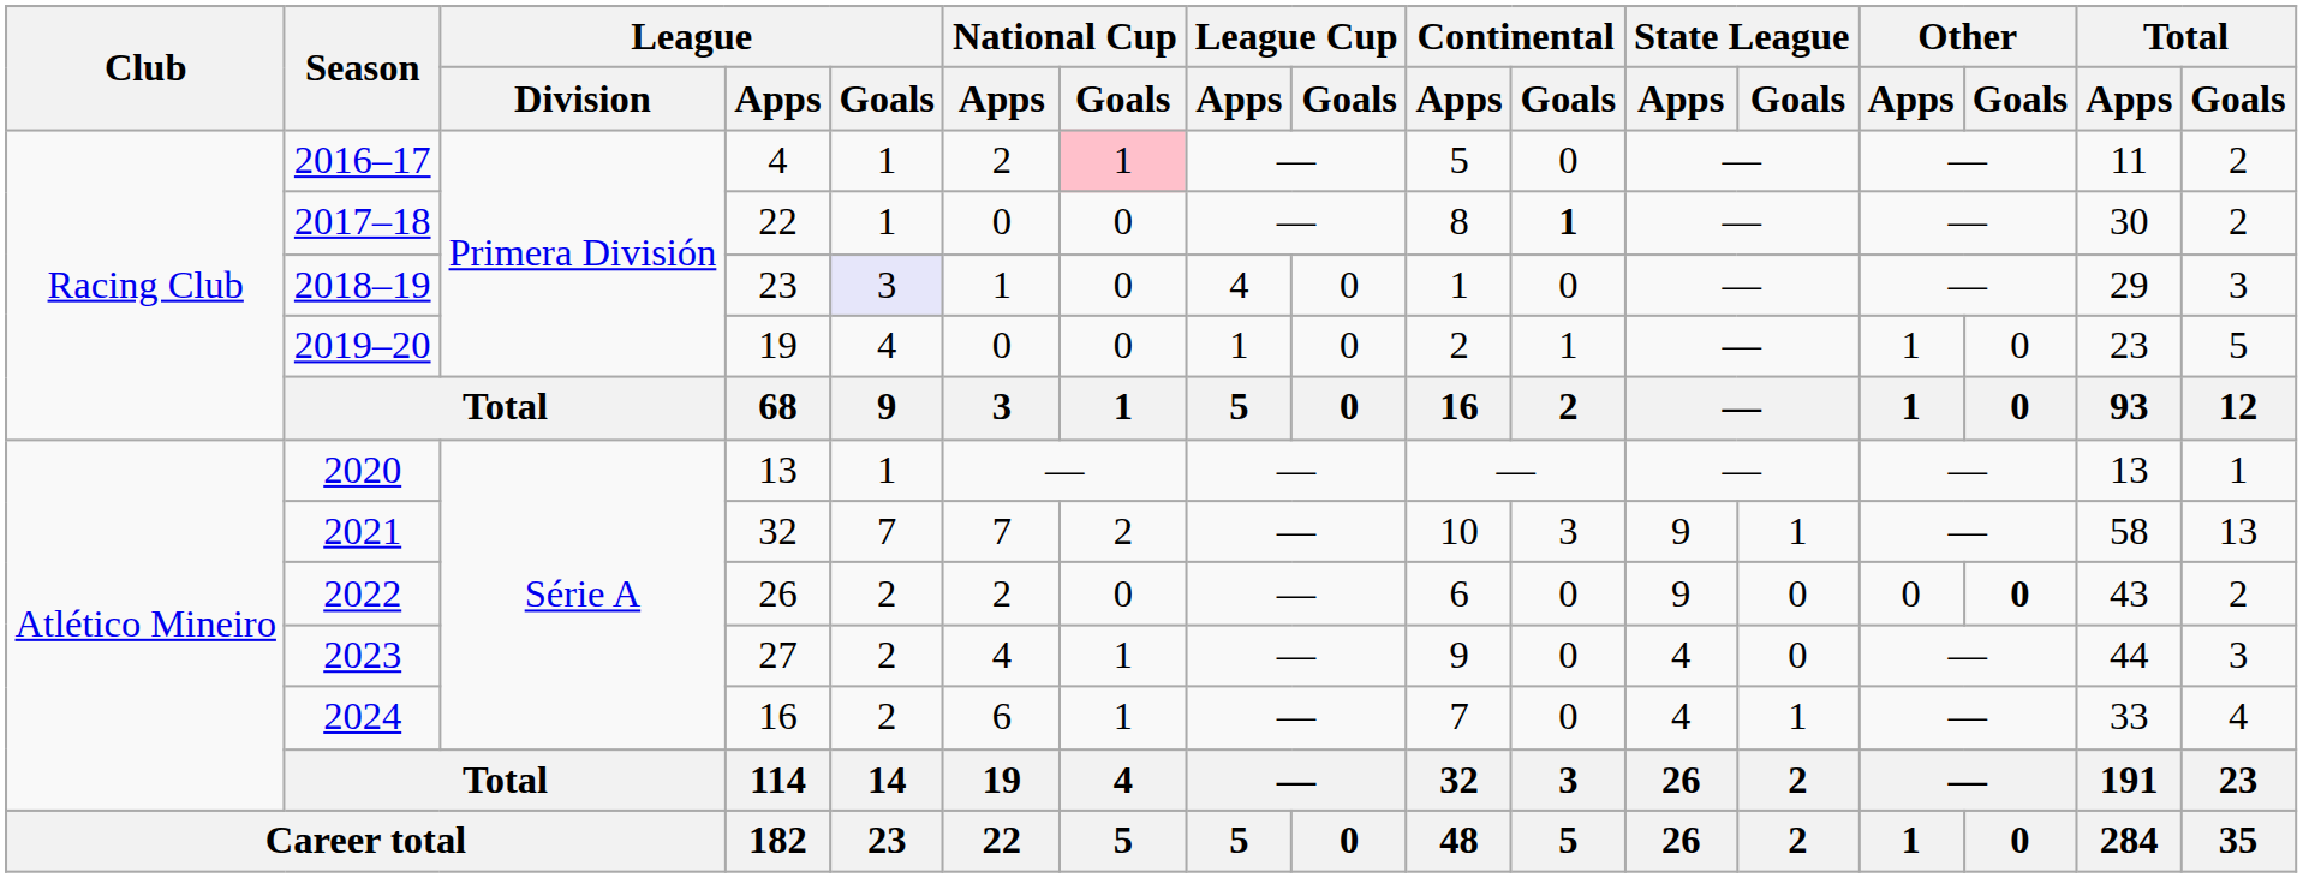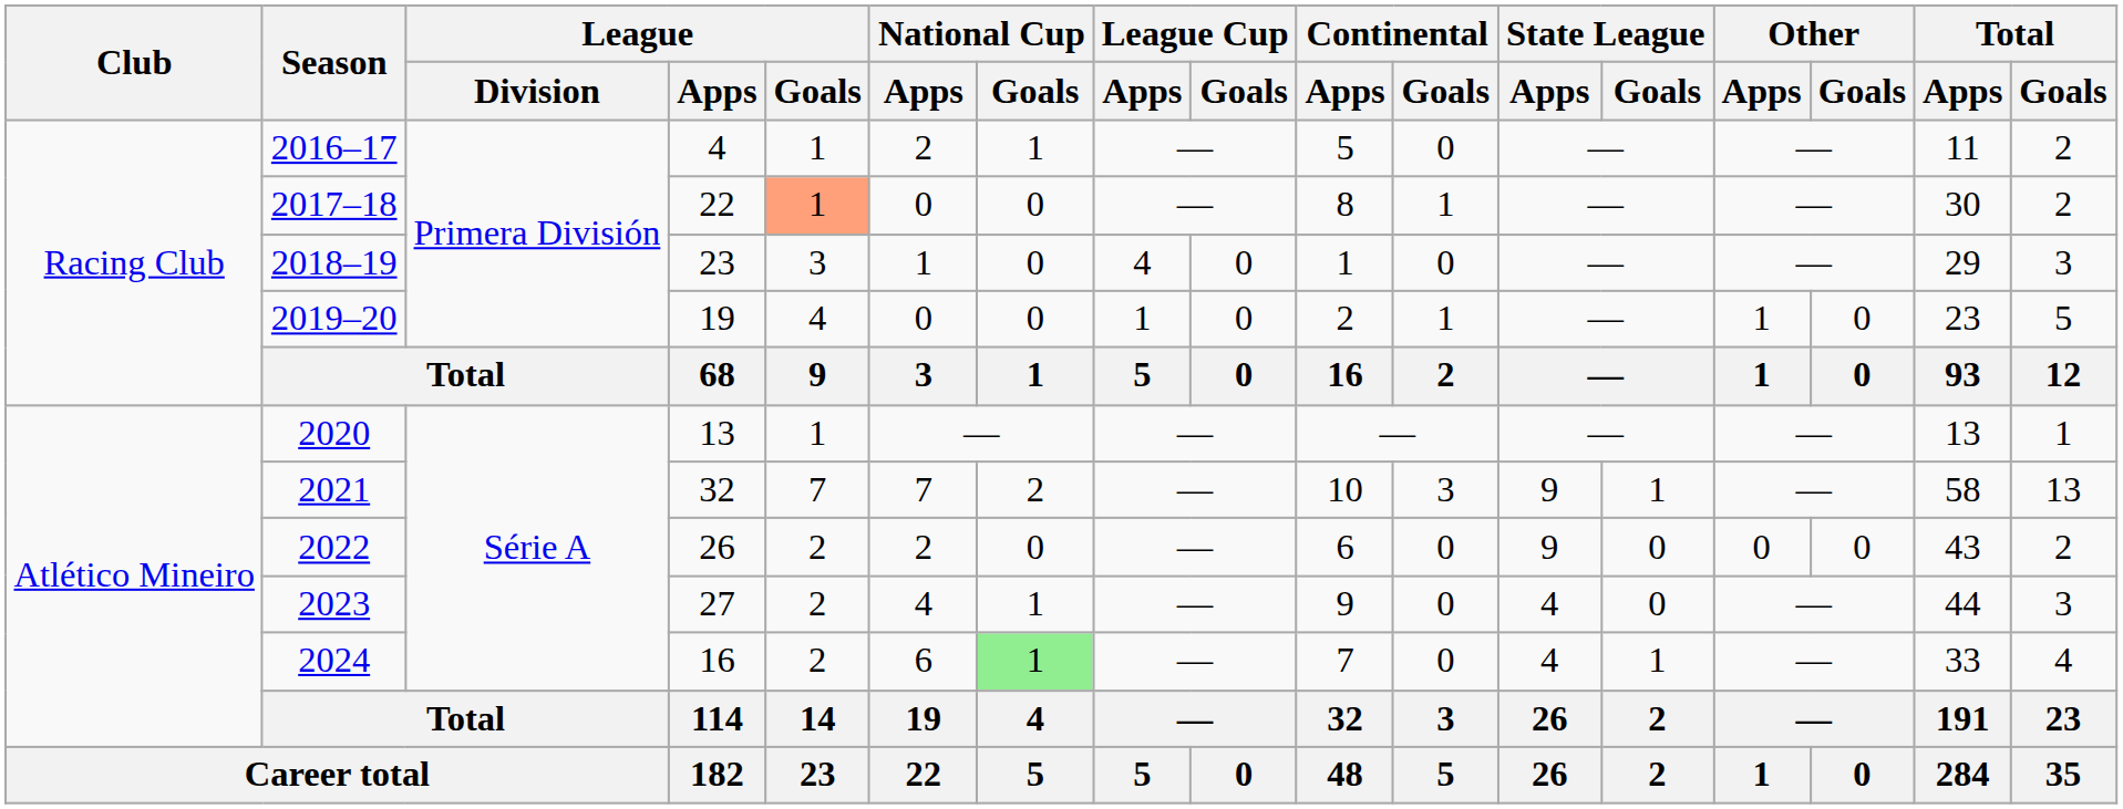 <table class="wikitable" style="text-align: center;">
 <tr>
 <th rowspan="2">Club</th>
 <th rowspan="2">Season</th>
 <th colspan="3">League</th>
 <th colspan="2">National Cup</th>
 <th colspan="2">League Cup</th>
 <th colspan="2">Continental</th>
 <th colspan="2">State League</th>
 <th colspan="2">Other</th>
 <th colspan="2">Total</th>
 </tr>
 <tr>
 <th>Division</th>
 <th>Apps</th>
 <th>Goals</th>
 <th>Apps</th>
 <th>Goals</th>
 <th>Apps</th>
 <th>Goals</th>
 <th>Apps</th>
 <th>Goals</th>
 <th>Apps</th>
 <th>Goals</th>
 <th>Apps</th>
 <th>Goals</th>
 <th>Apps</th>
 <th>Goals</th>
 </tr>
 <tr>
 <td valign="center" rowspan="5"><a href='#'>Racing Club</a></td>
 <td><a href='#'>2016–17</a></td>
 <td rowspan="4"><a href='#'>Primera División</a></td>
 <td>4</td>
 <td>1</td>
 <td>2</td>
-<td style="background: pink;">1</td>
+<td>1</td>
 <td colspan=2>—</td>
 <td>5</td>
 <td>0</td>
 <td colspan=2>—</td>
 <td colspan=2>—</td>
 <td>11</td>
 <td>2</td>
 </tr>
 <tr>
 <td><a href='#'>2017–18</a></td>
 <td>22</td>
-<td>1</td>
+<td style="background: lightsalmon;">1</td>
 <td>0</td>
 <td>0</td>
 <td colspan=2>—</td>
 <td>8</td>
-<td><strong>1</strong></td>
+<td>1</td>
 <td colspan=2>—</td>
 <td colspan=2>—</td>
 <td>30</td>
 <td>2</td>
 </tr>
 <tr>
 <td><a href='#'>2018–19</a></td>
 <td>23</td>
-<td style="background: lavender;">3</td>
+<td>3</td>
 <td>1</td>
 <td>0</td>
 <td>4</td>
 <td>0</td>
 <td>1</td>
 <td>0</td>
 <td colspan=2>—</td>
 <td colspan=2>—</td>
 <td>29</td>
 <td>3</td>
 </tr>
 <tr>
 <td><a href='#'>2019–20</a></td>
 <td>19</td>
 <td>4</td>
 <td>0</td>
 <td>0</td>
 <td>1</td>
 <td>0</td>
 <td>2</td>
 <td>1</td>
 <td colspan=2>—</td>
 <td>1</td>
 <td>0</td>
 <td>23</td>
 <td>5</td>
 </tr>
 <tr>
 <th colspan="2">Total</th>
 <th>68</th>
 <th>9</th>
 <th>3</th>
 <th>1</th>
 <th>5</th>
 <th>0</th>
 <th>16</th>
 <th>2</th>
 <th colspan=2>—</th>
 <th>1</th>
 <th>0</th>
 <th>93</th>
 <th>12</th>
 </tr>
 <tr>
 <td valign="center" rowspan="6"><a href='#'>Atlético Mineiro</a></td>
 <td><a href='#'>2020</a></td>
 <td valign="center" rowspan="5"><a href='#'>Série A</a></td>
 <td>13</td>
 <td>1</td>
 <td colspan=2>—</td>
 <td colspan=2>—</td>
 <td colspan=2>—</td>
 <td colspan=2>—</td>
 <td colspan=2>—</td>
 <td>13</td>
 <td>1</td>
 </tr>
 <tr>
 <td><a href='#'>2021</a></td>
 <td>32</td>
 <td>7</td>
 <td>7</td>
 <td>2</td>
 <td colspan=2>—</td>
 <td>10</td>
 <td>3</td>
 <td>9</td>
 <td>1</td>
 <td colspan=2>—</td>
 <td>58</td>
 <td>13</td>
 </tr>
 <tr>
 <td><a href='#'>2022</a></td>
 <td>26</td>
 <td>2</td>
 <td>2</td>
 <td>0</td>
 <td colspan=2>—</td>
 <td>6</td>
 <td>0</td>
 <td>9</td>
 <td>0</td>
 <td>0</td>
-<td><strong>0</strong></td>
+<td>0</td>
 <td>43</td>
 <td>2</td>
 </tr>
 <tr>
 <td><a href='#'>2023</a></td>
 <td>27</td>
 <td>2</td>
 <td>4</td>
 <td>1</td>
 <td colspan=2>—</td>
 <td>9</td>
 <td>0</td>
 <td>4</td>
 <td>0</td>
 <td colspan=2>—</td>
 <td>44</td>
 <td>3</td>
 </tr>
 <tr>
 <td><a href='#'>2024</a></td>
 <td>16</td>
 <td>2</td>
 <td>6</td>
-<td>1</td>
+<td style="background: lightgreen;">1</td>
 <td colspan=2>—</td>
 <td>7</td>
 <td>0</td>
 <td>4</td>
 <td>1</td>
 <td colspan=2>—</td>
 <td>33</td>
 <td>4</td>
 </tr>
 <tr>
 <th colspan="2">Total</th>
 <th>114</th>
 <th>14</th>
 <th>19</th>
 <th>4</th>
 <th colspan=2>—</th>
 <th>32</th>
 <th>3</th>
 <th>26</th>
 <th>2</th>
 <th colspan=2>—</th>
 <th>191</th>
 <th>23</th>
 </tr>
 <tr>
 <th colspan="3">Career total</th>
 <th>182</th>
 <th>23</th>
 <th>22</th>
 <th>5</th>
 <th>5</th>
 <th>0</th>
 <th>48</th>
 <th>5</th>
 <th>26</th>
 <th>2</th>
 <th>1</th>
 <th>0</th>
 <th>284</th>
 <th>35</th>
 </tr>
 </table>
